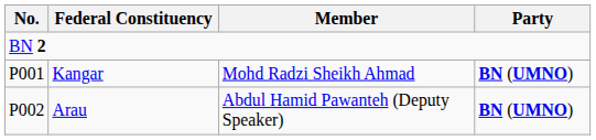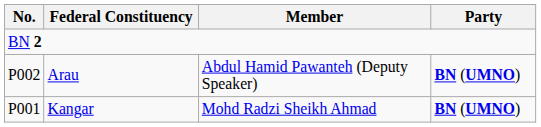 <table class="wikitable sortable">
 <tr>
 <th style="width:30px;">No.</th>
 <th style="width:150px;">Federal Constituency</th>
 <th style="width:230px;">Member</th>
 <th style="width:100px;">Party</th>
 </tr>
 <tr>
 <td colspan="4"><a href='#'>BN</a> <strong>2</strong></td>
 </tr>
 <tr>
+<td>P002</td>
+<td><a href='#'>Arau</a></td>
+<td><a href='#'>Abdul Hamid Pawanteh</a> (Deputy Speaker)</td>
+<td><strong><a href='#'>BN</a></strong> (<strong><a href='#'>UMNO</a></strong>)</td>
+</tr>
+<tr>
 <td>P001</td>
 <td><a href='#'>Kangar</a></td>
 <td><a href='#'>Mohd Radzi Sheikh Ahmad</a></td>
 <td><strong><a href='#'>BN</a></strong> (<strong><a href='#'>UMNO</a></strong>)</td>
 </tr>
-<tr>
-<td>P002</td>
-<td><a href='#'>Arau</a></td>
-<td><a href='#'>Abdul Hamid Pawanteh</a> (Deputy Speaker)</td>
-<td><strong><a href='#'>BN</a></strong> (<strong><a href='#'>UMNO</a></strong>)</td>
-</tr>
 </table>
